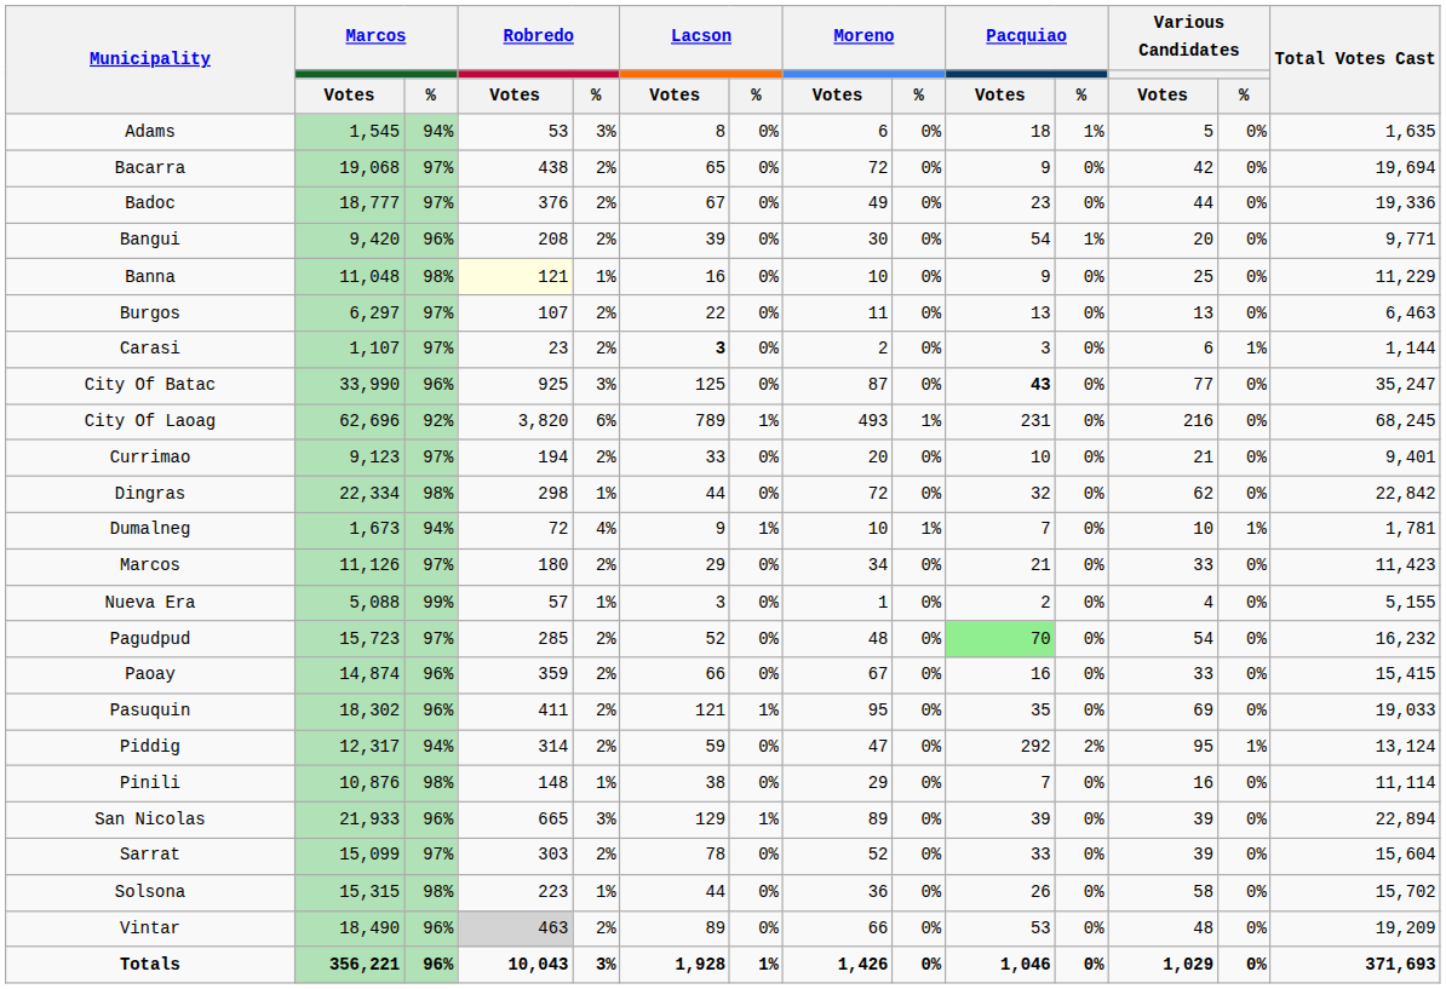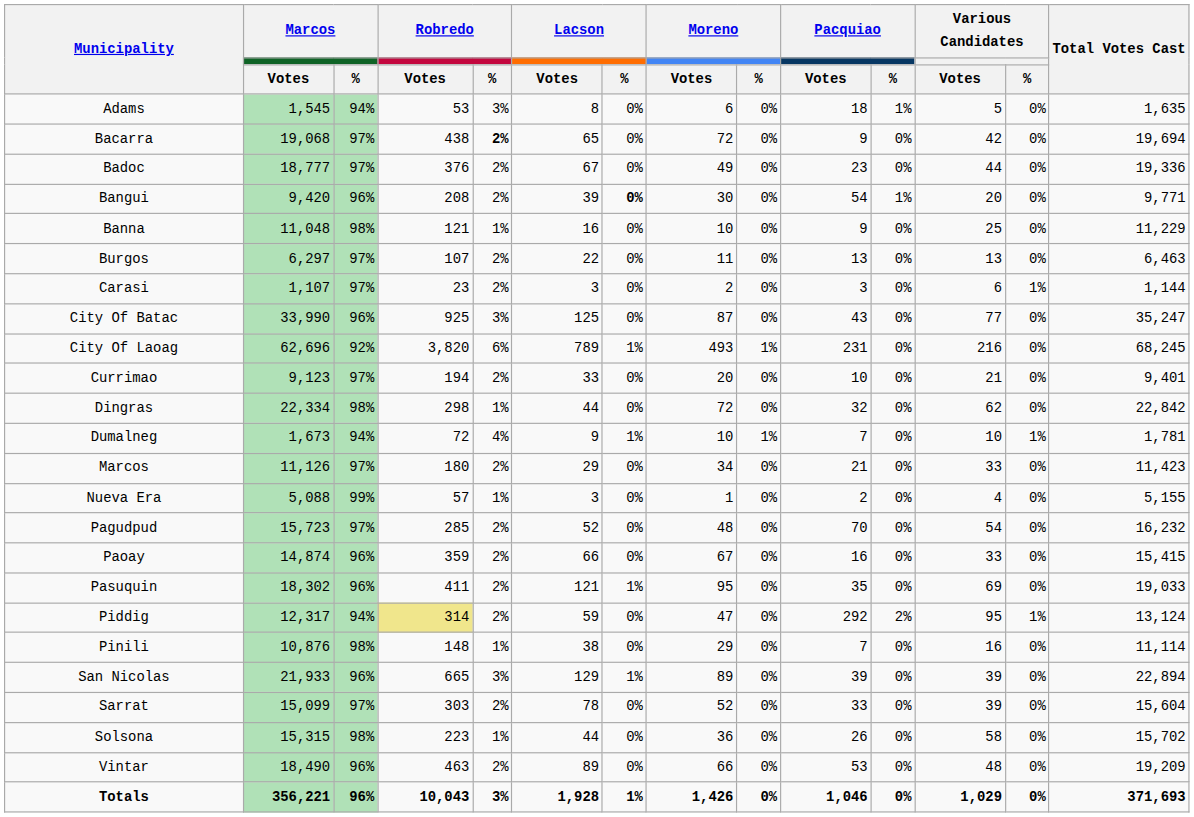 <table class="wikitable sortable" style="text-align:right; font-size:92%; line-height:20px;">
 <tr>
 <th rowspan="3" width="200"><a href='#'>Municipality</a></th>
 <th colspan="2" width="110"><a href='#'>Marcos</a></th>
 <th colspan="2" width="110"><a href='#'>Robredo</a></th>
 <th colspan="2" width="110"><a href='#'>Lacson</a></th>
 <th colspan="2" width="110"><a href='#'>Moreno</a></th>
 <th colspan="2" width="110"><a href='#'>Pacquiao</a></th>
 <th colspan="2" width="110">Various Candidates</th>
 <th rowspan="3">Total Votes Cast</th>
 </tr>
 <tr>
 <th colspan="2" style="background:#0f6326;"></th>
 <th colspan="2" style="background:#c3073e;"></th>
 <th colspan="2" style="background:#ff6d01;"></th>
 <th colspan="2" style="background:#4285f4;"></th>
 <th colspan="2" style="background:#073763;"></th>
 <th colspan="2"></th>
 </tr>
 <tr>
 <th>Votes</th>
 <th>%</th>
 <th>Votes</th>
 <th>%</th>
 <th>Votes</th>
 <th>%</th>
 <th>Votes</th>
 <th>%</th>
 <th>Votes</th>
 <th>%</th>
 <th>Votes</th>
 <th>%</th>
 </tr>
 <tr>
 <td style="text-align:center;">Adams</td>
 <td style="background:#B0E1B7;">1,545</td>
 <td style="background:#B0E1B7;">94%</td>
 <td>53</td>
 <td>3%</td>
 <td>8</td>
 <td>0%</td>
 <td>6</td>
 <td>0%</td>
 <td>18</td>
 <td>1%</td>
 <td>5</td>
 <td>0%</td>
 <td>1,635</td>
 </tr>
 <tr>
 <td style="text-align:center;">Bacarra</td>
 <td style="background:#B0E1B7;">19,068</td>
 <td style="background:#B0E1B7;">97%</td>
 <td>438</td>
-<td>2%</td>
+<td><strong>2%</strong></td>
 <td>65</td>
 <td>0%</td>
 <td>72</td>
 <td>0%</td>
 <td>9</td>
 <td>0%</td>
 <td>42</td>
 <td>0%</td>
 <td>19,694</td>
 </tr>
 <tr>
 <td style="text-align:center;">Badoc</td>
 <td style="background:#B0E1B7;">18,777</td>
 <td style="background:#B0E1B7;">97%</td>
 <td>376</td>
 <td>2%</td>
 <td>67</td>
 <td>0%</td>
 <td>49</td>
 <td>0%</td>
 <td>23</td>
 <td>0%</td>
 <td>44</td>
 <td>0%</td>
 <td>19,336</td>
 </tr>
 <tr>
 <td style="text-align:center;">Bangui</td>
 <td style="background:#B0E1B7;">9,420</td>
 <td style="background:#B0E1B7;">96%</td>
 <td>208</td>
 <td>2%</td>
 <td>39</td>
-<td>0%</td>
+<td><strong>0%</strong></td>
 <td>30</td>
 <td>0%</td>
 <td>54</td>
 <td>1%</td>
 <td>20</td>
 <td>0%</td>
 <td>9,771</td>
 </tr>
 <tr>
 <td style="text-align:center;">Banna</td>
 <td style="background:#B0E1B7;">11,048</td>
 <td style="background:#B0E1B7;">98%</td>
-<td style="background: lightyellow;">121</td>
+<td>121</td>
 <td>1%</td>
 <td>16</td>
 <td>0%</td>
 <td>10</td>
 <td>0%</td>
 <td>9</td>
 <td>0%</td>
 <td>25</td>
 <td>0%</td>
 <td>11,229</td>
 </tr>
 <tr>
 <td style="text-align:center;">Burgos</td>
 <td style="background:#B0E1B7;">6,297</td>
 <td style="background:#B0E1B7;">97%</td>
 <td>107</td>
 <td>2%</td>
 <td>22</td>
 <td>0%</td>
 <td>11</td>
 <td>0%</td>
 <td>13</td>
 <td>0%</td>
 <td>13</td>
 <td>0%</td>
 <td>6,463</td>
 </tr>
 <tr>
 <td style="text-align:center;">Carasi</td>
 <td style="background:#B0E1B7;">1,107</td>
 <td style="background:#B0E1B7;">97%</td>
 <td>23</td>
 <td>2%</td>
-<td><strong>3</strong></td>
+<td>3</td>
 <td>0%</td>
 <td>2</td>
 <td>0%</td>
 <td>3</td>
 <td>0%</td>
 <td>6</td>
 <td>1%</td>
 <td>1,144</td>
 </tr>
 <tr>
 <td style="text-align:center;">City Of Batac</td>
 <td style="background:#B0E1B7;">33,990</td>
 <td style="background:#B0E1B7;">96%</td>
 <td>925</td>
 <td>3%</td>
 <td>125</td>
 <td>0%</td>
 <td>87</td>
 <td>0%</td>
-<td><strong>43</strong></td>
+<td>43</td>
 <td>0%</td>
 <td>77</td>
 <td>0%</td>
 <td>35,247</td>
 </tr>
 <tr>
 <td style="text-align:center;">City Of Laoag</td>
 <td style="background:#B0E1B7;">62,696</td>
 <td style="background:#B0E1B7;">92%</td>
 <td>3,820</td>
 <td>6%</td>
 <td>789</td>
 <td>1%</td>
 <td>493</td>
 <td>1%</td>
 <td>231</td>
 <td>0%</td>
 <td>216</td>
 <td>0%</td>
 <td>68,245</td>
 </tr>
 <tr>
 <td style="text-align:center;">Currimao</td>
 <td style="background:#B0E1B7;">9,123</td>
 <td style="background:#B0E1B7;">97%</td>
 <td>194</td>
 <td>2%</td>
 <td>33</td>
 <td>0%</td>
 <td>20</td>
 <td>0%</td>
 <td>10</td>
 <td>0%</td>
 <td>21</td>
 <td>0%</td>
 <td>9,401</td>
 </tr>
 <tr>
 <td style="text-align:center;">Dingras</td>
 <td style="background:#B0E1B7;">22,334</td>
 <td style="background:#B0E1B7;">98%</td>
 <td>298</td>
 <td>1%</td>
 <td>44</td>
 <td>0%</td>
 <td>72</td>
 <td>0%</td>
 <td>32</td>
 <td>0%</td>
 <td>62</td>
 <td>0%</td>
 <td>22,842</td>
 </tr>
 <tr>
 <td style="text-align:center;">Dumalneg</td>
 <td style="background:#B0E1B7;">1,673</td>
 <td style="background:#B0E1B7;">94%</td>
 <td>72</td>
 <td>4%</td>
 <td>9</td>
 <td>1%</td>
 <td>10</td>
 <td>1%</td>
 <td>7</td>
 <td>0%</td>
 <td>10</td>
 <td>1%</td>
 <td>1,781</td>
 </tr>
 <tr>
 <td style="text-align:center;">Marcos</td>
 <td style="background:#B0E1B7;">11,126</td>
 <td style="background:#B0E1B7;">97%</td>
 <td>180</td>
 <td>2%</td>
 <td>29</td>
 <td>0%</td>
 <td>34</td>
 <td>0%</td>
 <td>21</td>
 <td>0%</td>
 <td>33</td>
 <td>0%</td>
 <td>11,423</td>
 </tr>
 <tr>
 <td style="text-align:center;">Nueva Era</td>
 <td style="background:#B0E1B7;">5,088</td>
 <td style="background:#B0E1B7;">99%</td>
 <td>57</td>
 <td>1%</td>
 <td>3</td>
 <td>0%</td>
 <td>1</td>
 <td>0%</td>
 <td>2</td>
 <td>0%</td>
 <td>4</td>
 <td>0%</td>
 <td>5,155</td>
 </tr>
 <tr>
 <td style="text-align:center;">Pagudpud</td>
 <td style="background:#B0E1B7;">15,723</td>
 <td style="background:#B0E1B7;">97%</td>
 <td>285</td>
 <td>2%</td>
 <td>52</td>
 <td>0%</td>
 <td>48</td>
 <td>0%</td>
-<td style="background: lightgreen;">70</td>
+<td>70</td>
 <td>0%</td>
 <td>54</td>
 <td>0%</td>
 <td>16,232</td>
 </tr>
 <tr>
 <td style="text-align:center;">Paoay</td>
 <td style="background:#B0E1B7;">14,874</td>
 <td style="background:#B0E1B7;">96%</td>
 <td>359</td>
 <td>2%</td>
 <td>66</td>
 <td>0%</td>
 <td>67</td>
 <td>0%</td>
 <td>16</td>
 <td>0%</td>
 <td>33</td>
 <td>0%</td>
 <td>15,415</td>
 </tr>
 <tr>
 <td style="text-align:center;">Pasuquin</td>
 <td style="background:#B0E1B7;">18,302</td>
 <td style="background:#B0E1B7;">96%</td>
 <td>411</td>
 <td>2%</td>
 <td>121</td>
 <td>1%</td>
 <td>95</td>
 <td>0%</td>
 <td>35</td>
 <td>0%</td>
 <td>69</td>
 <td>0%</td>
 <td>19,033</td>
 </tr>
 <tr>
 <td style="text-align:center;">Piddig</td>
 <td style="background:#B0E1B7;">12,317</td>
 <td style="background:#B0E1B7;">94%</td>
-<td>314</td>
+<td style="background: khaki;">314</td>
 <td>2%</td>
 <td>59</td>
 <td>0%</td>
 <td>47</td>
 <td>0%</td>
 <td>292</td>
 <td>2%</td>
 <td>95</td>
 <td>1%</td>
 <td>13,124</td>
 </tr>
 <tr>
 <td style="text-align:center;">Pinili</td>
 <td style="background:#B0E1B7;">10,876</td>
 <td style="background:#B0E1B7;">98%</td>
 <td>148</td>
 <td>1%</td>
 <td>38</td>
 <td>0%</td>
 <td>29</td>
 <td>0%</td>
 <td>7</td>
 <td>0%</td>
 <td>16</td>
 <td>0%</td>
 <td>11,114</td>
 </tr>
 <tr>
 <td style="text-align:center;">San Nicolas</td>
 <td style="background:#B0E1B7;">21,933</td>
 <td style="background:#B0E1B7;">96%</td>
 <td>665</td>
 <td>3%</td>
 <td>129</td>
 <td>1%</td>
 <td>89</td>
 <td>0%</td>
 <td>39</td>
 <td>0%</td>
 <td>39</td>
 <td>0%</td>
 <td>22,894</td>
 </tr>
 <tr>
 <td style="text-align:center;">Sarrat</td>
 <td style="background:#B0E1B7;">15,099</td>
 <td style="background:#B0E1B7;">97%</td>
 <td>303</td>
 <td>2%</td>
 <td>78</td>
 <td>0%</td>
 <td>52</td>
 <td>0%</td>
 <td>33</td>
 <td>0%</td>
 <td>39</td>
 <td>0%</td>
 <td>15,604</td>
 </tr>
 <tr>
 <td style="text-align:center;">Solsona</td>
 <td style="background:#B0E1B7;">15,315</td>
 <td style="background:#B0E1B7;">98%</td>
 <td>223</td>
 <td>1%</td>
 <td>44</td>
 <td>0%</td>
 <td>36</td>
 <td>0%</td>
 <td>26</td>
 <td>0%</td>
 <td>58</td>
 <td>0%</td>
 <td>15,702</td>
 </tr>
 <tr>
 <td style="text-align:center;">Vintar</td>
 <td style="background:#B0E1B7;">18,490</td>
 <td style="background:#B0E1B7;">96%</td>
-<td style="background: lightgrey;">463</td>
+<td>463</td>
 <td>2%</td>
 <td>89</td>
 <td>0%</td>
 <td>66</td>
 <td>0%</td>
 <td>53</td>
 <td>0%</td>
 <td>48</td>
 <td>0%</td>
 <td>19,209</td>
 </tr>
 <tr>
 <td style="text-align:center;"><strong>Totals</strong></td>
 <td style="background:#B0E1B7;"><strong>356,221</strong></td>
 <td style="background:#B0E1B7;"><strong>96%</strong></td>
 <td><strong>10,043</strong></td>
 <td><strong>3%</strong></td>
 <td><strong>1,928</strong></td>
 <td><strong>1%</strong></td>
 <td><strong>1,426</strong></td>
 <td><strong>0%</strong></td>
 <td><strong>1,046</strong></td>
 <td><strong>0%</strong></td>
 <td><strong>1,029</strong></td>
 <td><strong>0%</strong></td>
 <td><strong>371,693</strong></td>
 </tr>
 </table>
